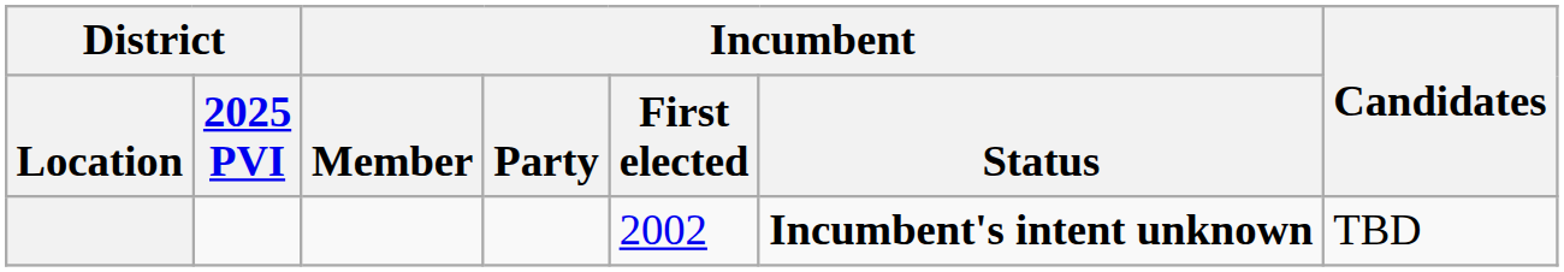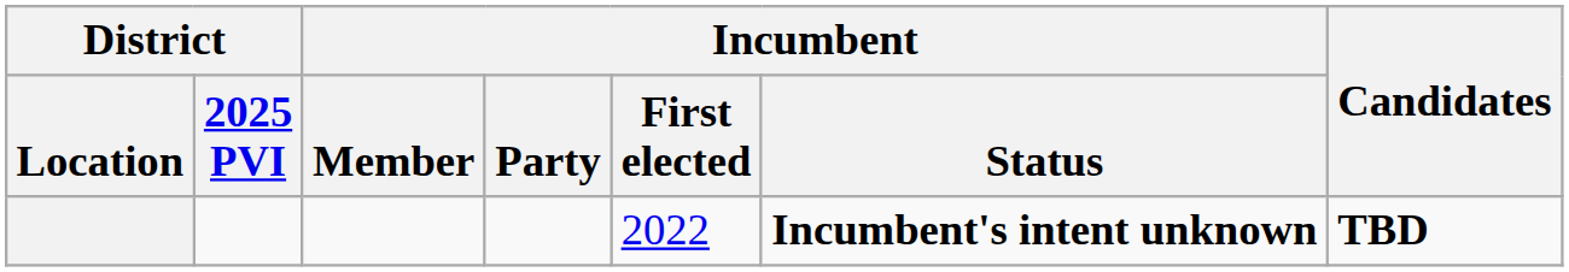 <table class="wikitable sortable">
 <tr>
 <th colspan=2>District</th>
 <th colspan=4>Incumbent</th>
 <th rowspan=2 class="unsortable">Candidates</th>
 </tr>
 <tr valign=bottom>
 <th>Location</th>
 <th><a href='#'>2025<br>PVI</a></th>
 <th>Member</th>
 <th>Party</th>
 <th>First<br>elected</th>
 <th>Status</th>
 </tr>
 <tr>
 <th></th>
 <td></td>
 <td></td>
 <td></td>
-<td><a href='#'>2002</a></td>
+<td><a href='#'>2022</a></td>
 <td><strong>Incumbent's intent unknown</strong></td>
-<td>TBD</td>
+<td><strong>TBD</strong></td>
 </tr>
 </table>
